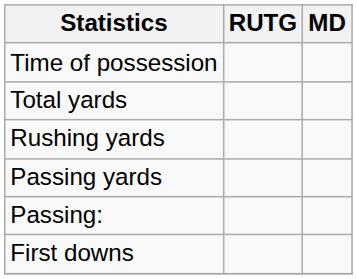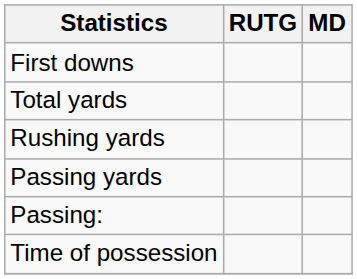 <table class="wikitable" style="float: left;">
 <tr>
 <th>Statistics</th>
 <th>RUTG</th>
 <th>MD</th>
 </tr>
 <tr>
-<td>Time of possession</td>
+<td>First downs</td>
 <td></td>
 <td></td>
 </tr>
 <tr>
 <td>Total yards</td>
 <td></td>
 <td></td>
 </tr>
 <tr>
 <td>Rushing yards</td>
 <td></td>
 <td></td>
 </tr>
 <tr>
 <td>Passing yards</td>
 <td></td>
 <td></td>
 </tr>
 <tr>
 <td>Passing:</td>
 <td></td>
 <td></td>
 </tr>
 <tr>
-<td>First downs</td>
+<td>Time of possession</td>
 <td></td>
 <td></td>
 </tr>
 <tr>
 </tr>
 </table>
